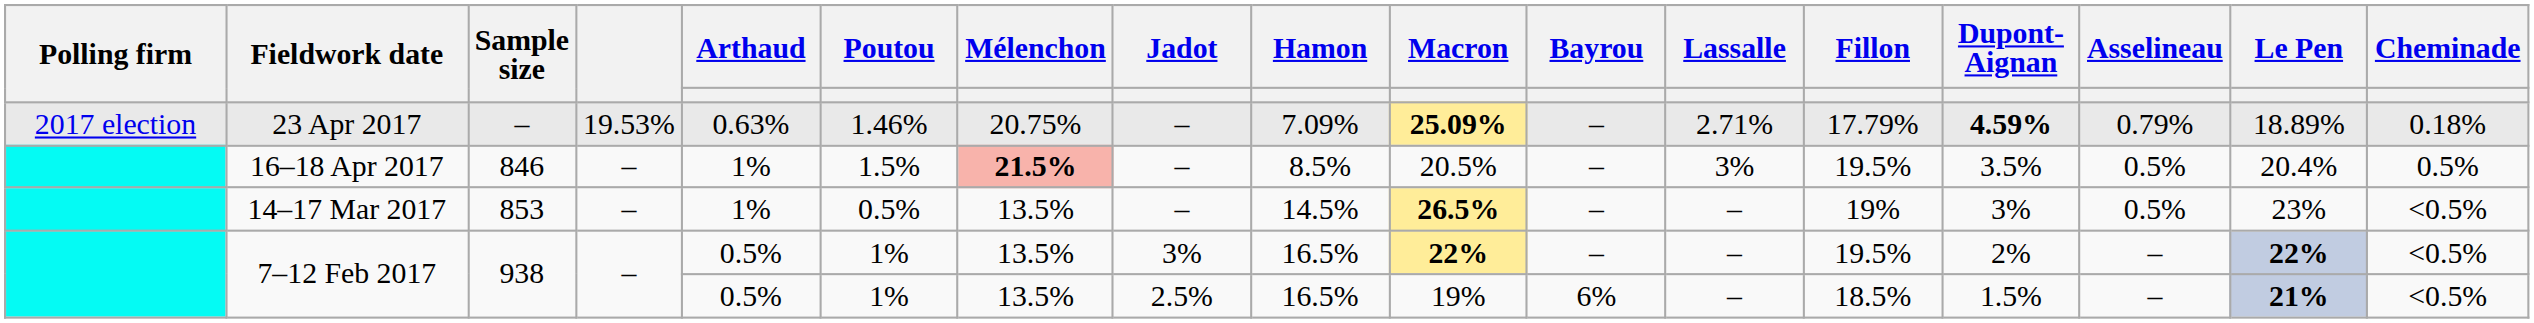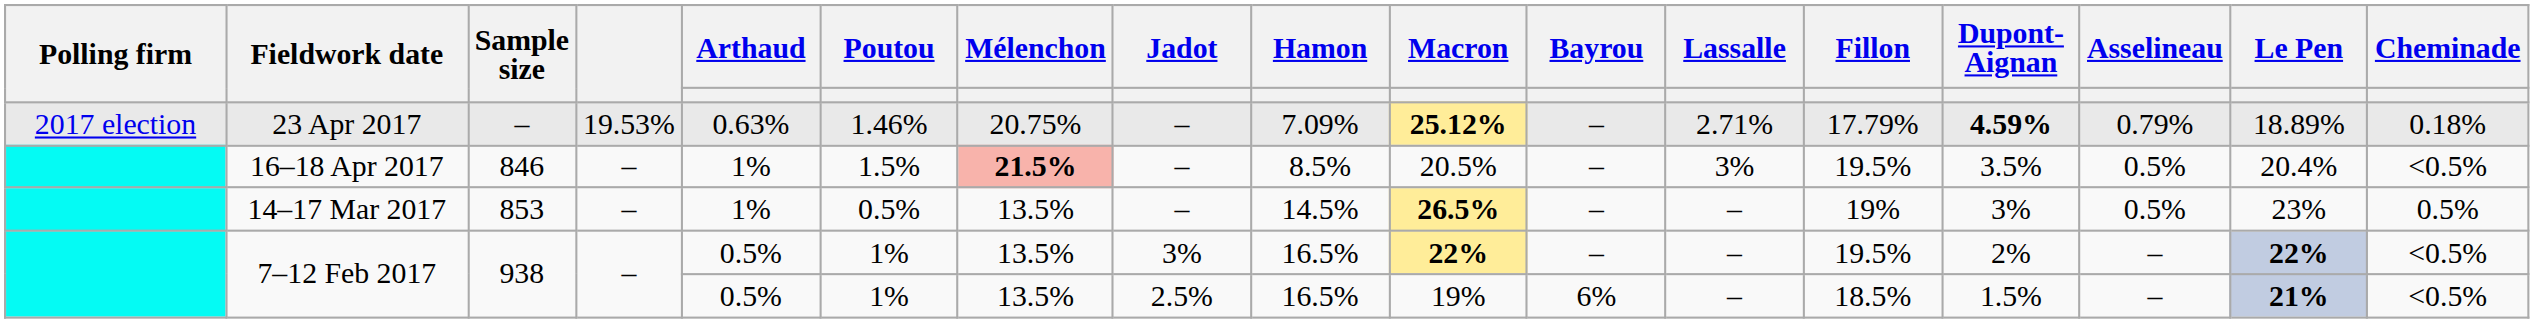 <table class="wikitable sortable" style="text-align:center;font-size:90%;line-height:14px;">
 <tr style="height:40px;">
 <th style="width:100px;" rowspan="2">Polling firm</th>
 <th style="width:110px;" rowspan="2">Fieldwork date</th>
 <th style="width:35px;" rowspan="2">Sample<br>size</th>
 <th style="width:30px;" rowspan="2"></th>
 <th class="unsortable" style="width:60px;"><a href='#'>Arthaud</a><br></th>
 <th class="unsortable" style="width:60px;"><a href='#'>Poutou</a><br></th>
 <th class="unsortable" style="width:60px;"><a href='#'>Mélenchon</a><br></th>
 <th class="unsortable" style="width:60px;"><a href='#'>Jadot</a><br></th>
 <th class="unsortable" style="width:60px;"><a href='#'>Hamon</a><br></th>
 <th class="unsortable" style="width:60px;"><a href='#'>Macron</a><br></th>
 <th class="unsortable" style="width:60px;"><a href='#'>Bayrou</a><br></th>
 <th class="unsortable" style="width:60px;"><a href='#'>Lassalle</a><br></th>
 <th class="unsortable" style="width:60px;"><a href='#'>Fillon</a><br></th>
 <th class="unsortable" style="width:60px;"><a href='#'>Dupont-Aignan</a><br></th>
 <th class="unsortable" style="width:60px;"><a href='#'>Asselineau</a><br></th>
 <th class="unsortable" style="width:60px;"><a href='#'>Le Pen</a><br></th>
 <th class="unsortable" style="width:60px;"><a href='#'>Cheminade</a><br></th>
 </tr>
 <tr>
 <th style="background:"></th>
 <th style="background:"></th>
 <th style="background:"></th>
 <th style="background:"></th>
 <th style="background:"></th>
 <th style="background:"></th>
 <th style="background:"></th>
 <th style="background:"></th>
 <th style="background:"></th>
 <th style="background:"></th>
 <th style="background:"></th>
 <th style="background:"></th>
 <th style="background:"></th>
 </tr>
 <tr style="background:#E9E9E9;">
 <td><a href='#'>2017 election</a></td>
 <td data-sort-value="2017-04-23">23 Apr 2017</td>
 <td>–</td>
 <td>19.53%</td>
 <td>0.63%</td>
 <td>1.46%</td>
 <td>20.75%</td>
 <td>–</td>
 <td>7.09%</td>
-<td style="background:#FFED99;"><strong>25.09%</strong></td>
+<td style="background:#FFED99;"><strong>25.12%</strong></td>
 <td>–</td>
 <td>2.71%</td>
 <td>17.79%</td>
 <td><strong>4.59%</strong></td>
 <td>0.79%</td>
 <td>18.89%</td>
 <td>0.18%</td>
 </tr>
 <tr>
 <td style="background:#04FBF4;"></td>
 <td data-sort-value="2017-04-18">16–18 Apr 2017</td>
 <td>846</td>
 <td>–</td>
 <td>1%</td>
 <td>1.5%</td>
 <td style="background:#F8B3AB;"><strong>21.5%</strong></td>
 <td>–</td>
 <td>8.5%</td>
 <td>20.5%</td>
 <td>–</td>
 <td>3%</td>
 <td>19.5%</td>
 <td>3.5%</td>
 <td>0.5%</td>
 <td>20.4%</td>
-<td>0.5%</td>
+<td data-sort-value="0%"><0.5%</td>
 </tr>
 <tr>
 <td style="background:#04FBF4;"></td>
 <td data-sort-value="2017-03-17">14–17 Mar 2017</td>
 <td>853</td>
 <td>–</td>
 <td>1%</td>
 <td>0.5%</td>
 <td>13.5%</td>
 <td>–</td>
 <td>14.5%</td>
 <td style="background:#FFED99;"><strong>26.5%</strong></td>
 <td>–</td>
 <td>–</td>
 <td>19%</td>
 <td>3%</td>
 <td>0.5%</td>
 <td>23%</td>
-<td data-sort-value="0%"><0.5%</td>
+<td>0.5%</td>
 </tr>
 <tr>
 <td rowspan="2" style="background:#04FBF4;"></td>
 <td rowspan="2" data-sort-value="2017-02-12">7–12 Feb 2017</td>
 <td rowspan="2">938</td>
 <td rowspan="2">–</td>
 <td>0.5%</td>
 <td>1%</td>
 <td>13.5%</td>
 <td>3%</td>
 <td>16.5%</td>
 <td style="background:#FFED99;"><strong>22%</strong></td>
 <td>–</td>
 <td>–</td>
 <td>19.5%</td>
 <td>2%</td>
 <td>–</td>
 <td style="background:#C1CCE1;"><strong>22%</strong></td>
 <td data-sort-value="0%"><0.5%</td>
 </tr>
 <tr>
 <td>0.5%</td>
 <td>1%</td>
 <td>13.5%</td>
 <td>2.5%</td>
 <td>16.5%</td>
 <td>19%</td>
 <td>6%</td>
 <td>–</td>
 <td>18.5%</td>
 <td>1.5%</td>
 <td>–</td>
 <td style="background:#C1CCE1;"><strong>21%</strong></td>
 <td data-sort-value="0%"><0.5%</td>
 </tr>
 </table>
